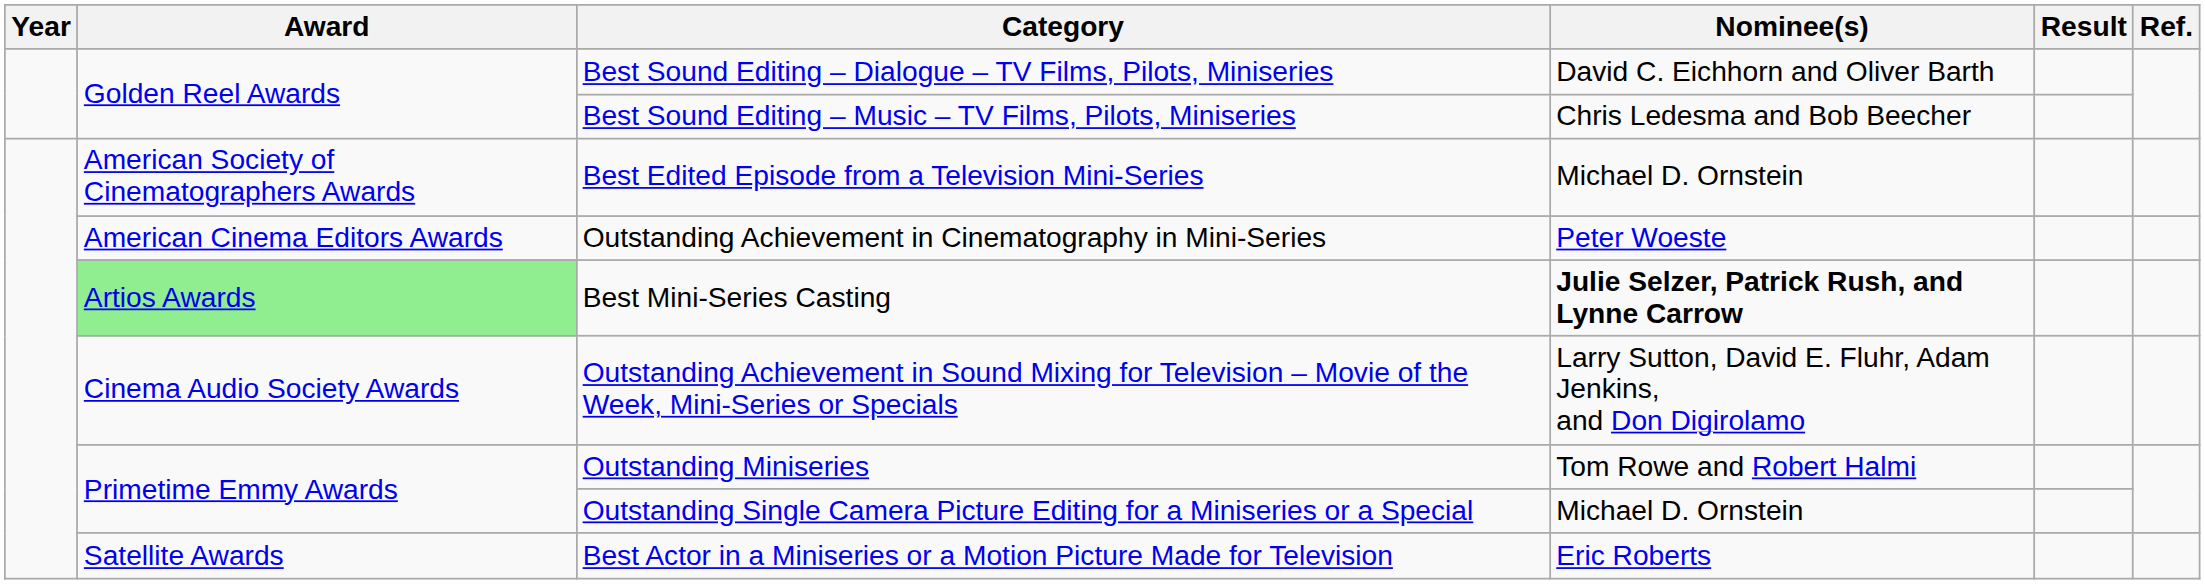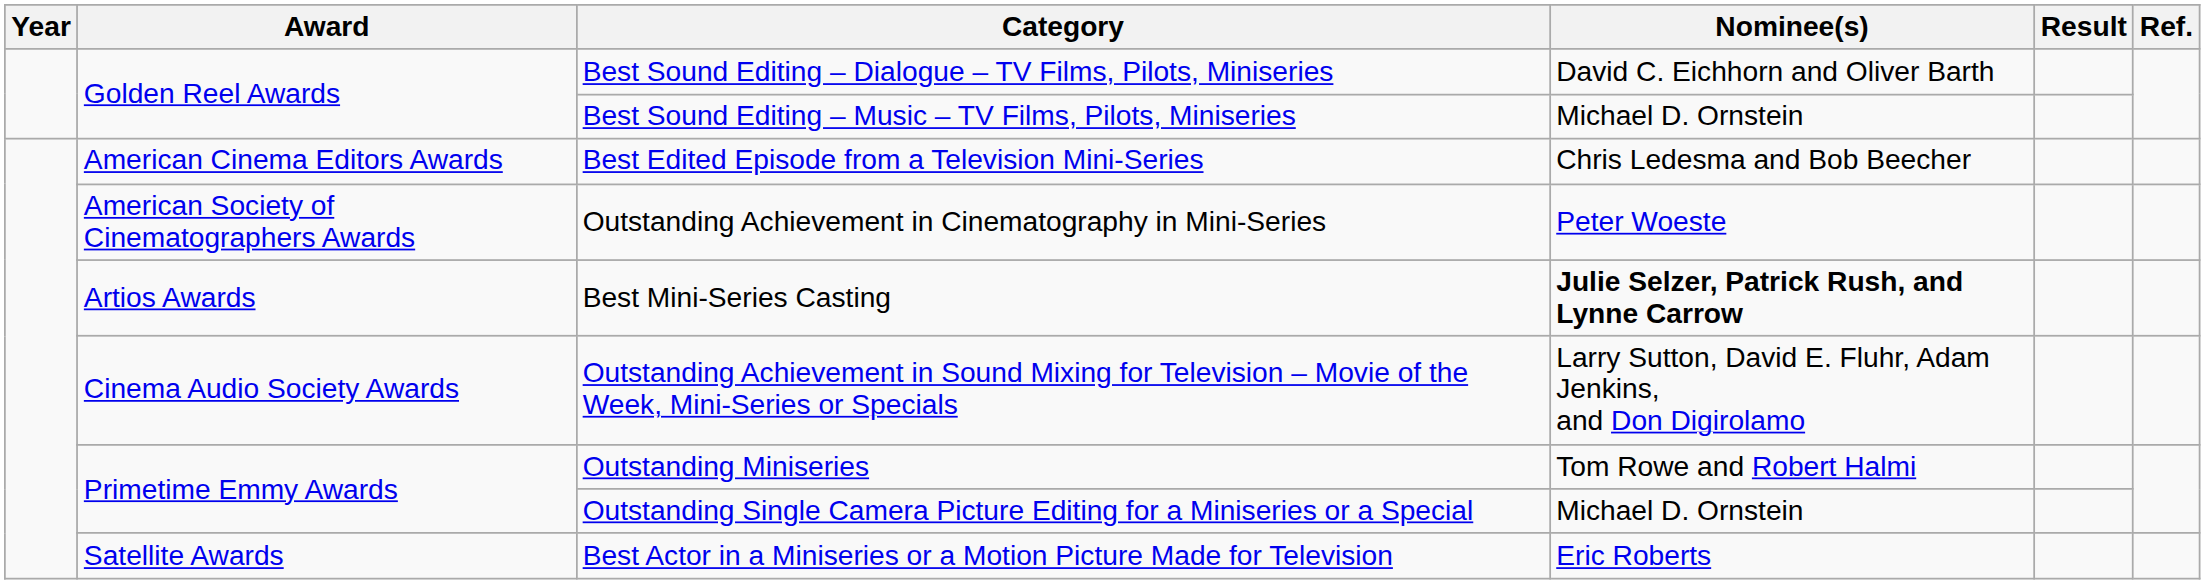 <table class="wikitable plainrowheaders">
 <tr>
 <th>Year</th>
 <th>Award</th>
 <th>Category</th>
 <th>Nominee(s)</th>
 <th>Result</th>
 <th>Ref.</th>
 </tr>
 <tr>
 <td rowspan="2"></td>
 <td rowspan="2"><a href='#'>Golden Reel Awards</a></td>
 <td><a href='#'>Best Sound Editing – Dialogue – TV Films, Pilots, Miniseries</a></td>
 <td>David C. Eichhorn and Oliver Barth</td>
 <td></td>
 <td align="center" rowspan="2"></td>
 </tr>
 <tr>
 <td><a href='#'>Best Sound Editing – Music – TV Films, Pilots, Miniseries</a></td>
-<td>Chris Ledesma and Bob Beecher</td>
+<td>Michael D. Ornstein </td>
 <td></td>
 </tr>
 <tr>
 <td rowspan="7"></td>
-<td><a href='#'>American Society of Cinematographers Awards</a></td>
+<td><a href='#'>American Cinema Editors Awards</a></td>
 <td><a href='#'>Best Edited Episode from a Television Mini-Series</a></td>
-<td>Michael D. Ornstein </td>
+<td>Chris Ledesma and Bob Beecher</td>
 <td></td>
 <td align="center"></td>
 </tr>
 <tr>
-<td><a href='#'>American Cinema Editors Awards</a></td>
+<td><a href='#'>American Society of Cinematographers Awards</a></td>
 <td>Outstanding Achievement in Cinematography in Mini-Series</td>
 <td><a href='#'>Peter Woeste</a></td>
 <td></td>
 <td align="center"></td>
 </tr>
 <tr>
-<td style="background: lightgreen;"><a href='#'>Artios Awards</a></td>
+<td><a href='#'>Artios Awards</a></td>
 <td>Best Mini-Series Casting</td>
 <td><strong>Julie Selzer, Patrick Rush, and Lynne Carrow</strong></td>
 <td></td>
 <td align="center"></td>
 </tr>
 <tr>
 <td><a href='#'>Cinema Audio Society Awards</a></td>
 <td><a href='#'>Outstanding Achievement in Sound Mixing for Television – Movie of the Week, Mini-Series or Specials</a></td>
 <td>Larry Sutton, David E. Fluhr, Adam Jenkins, <br> and <a href='#'>Don Digirolamo</a> </td>
 <td></td>
 <td align="center"></td>
 </tr>
 <tr>
 <td rowspan="2"><a href='#'>Primetime Emmy Awards</a></td>
 <td><a href='#'>Outstanding Miniseries</a></td>
 <td>Tom Rowe and <a href='#'>Robert Halmi</a></td>
 <td></td>
 <td align="center" rowspan="2"></td>
 </tr>
 <tr>
 <td><a href='#'>Outstanding Single Camera Picture Editing for a Miniseries or a Special</a></td>
 <td>Michael D. Ornstein</td>
 <td></td>
 </tr>
 <tr>
 <td><a href='#'>Satellite Awards</a></td>
 <td><a href='#'>Best Actor in a Miniseries or a Motion Picture Made for Television</a></td>
 <td><a href='#'>Eric Roberts</a></td>
 <td></td>
 <td align="center"></td>
 </tr>
 </table>
